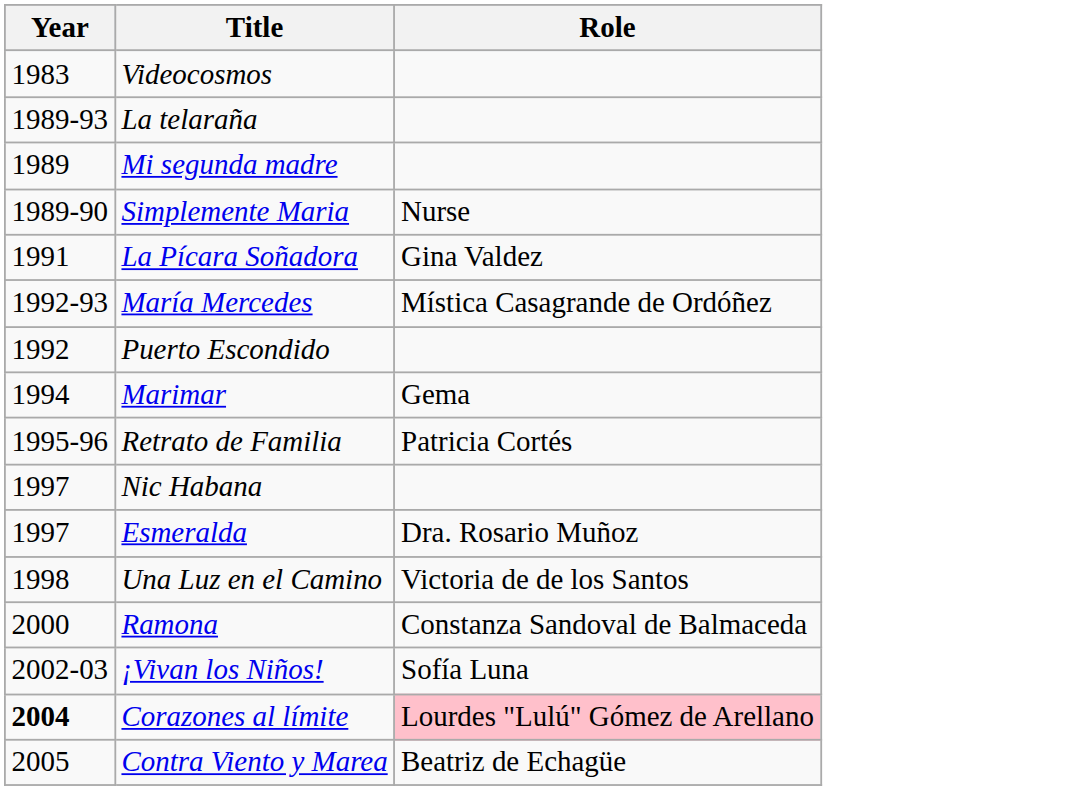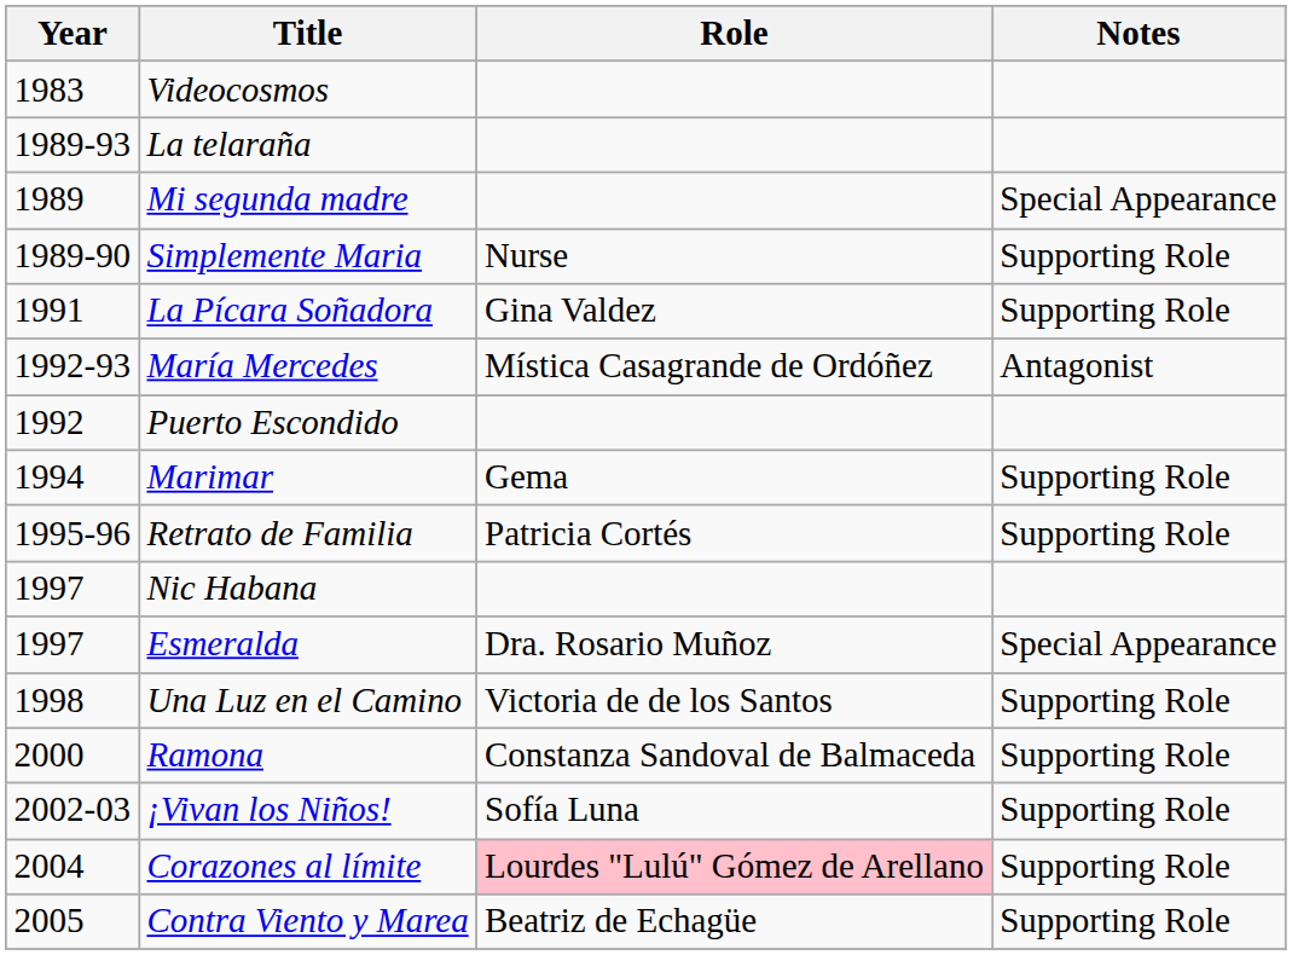 <table class="wikitable">
 <tr style="background:#b0c4de;">
 <th>Year</th>
 <th>Title</th>
 <th>Role</th>
+<th>Notes</th>
 </tr>
 <tr>
 <td>1983</td>
 <td><em>Videocosmos</em></td>
+<td></td>
 <td></td>
 </tr>
 <tr>
 <td>1989-93</td>
 <td><em>La telaraña</em></td>
 <td></td>
+<td></td>
 </tr>
 <tr>
 <td>1989</td>
 <td><em><a href='#'>Mi segunda madre</a></em></td>
 <td></td>
+<td>Special Appearance</td>
 </tr>
 <tr>
 <td>1989-90</td>
 <td><em><a href='#'>Simplemente Maria</a></em></td>
 <td>Nurse</td>
+<td>Supporting Role</td>
 </tr>
 <tr>
 <td>1991</td>
 <td><em><a href='#'>La Pícara Soñadora</a></em></td>
 <td>Gina Valdez</td>
+<td>Supporting Role</td>
 </tr>
 <tr>
 <td>1992-93</td>
 <td><em><a href='#'>María Mercedes</a></em></td>
 <td>Mística Casagrande de Ordóñez</td>
+<td>Antagonist</td>
 </tr>
 <tr>
 <td>1992</td>
 <td><em>Puerto Escondido</em></td>
+<td></td>
 <td></td>
 </tr>
 <tr>
 <td>1994</td>
 <td><em><a href='#'>Marimar</a></em></td>
 <td>Gema</td>
+<td>Supporting Role</td>
 </tr>
 <tr>
 <td>1995-96</td>
 <td><em>Retrato de Familia</em></td>
 <td>Patricia Cortés</td>
+<td>Supporting Role</td>
 </tr>
 <tr>
 <td>1997</td>
 <td><em>Nic Habana</em></td>
+<td></td>
 <td></td>
 </tr>
 <tr>
 <td>1997</td>
 <td><em><a href='#'>Esmeralda</a></em></td>
 <td>Dra. Rosario Muñoz</td>
+<td>Special Appearance</td>
 </tr>
 <tr>
 <td>1998</td>
 <td><em>Una Luz en el Camino</em></td>
 <td>Victoria de de los Santos</td>
+<td>Supporting Role</td>
 </tr>
 <tr>
 <td>2000</td>
 <td><em><a href='#'>Ramona</a></em></td>
 <td>Constanza Sandoval de Balmaceda</td>
+<td>Supporting Role</td>
 </tr>
 <tr>
 <td>2002-03</td>
 <td><em><a href='#'>¡Vivan los Niños!</a></em></td>
 <td>Sofía Luna</td>
+<td>Supporting Role</td>
 </tr>
 <tr>
-<td><strong>2004</strong></td>
+<td>2004</td>
 <td><em><a href='#'>Corazones al límite</a></em></td>
 <td style="background: pink;">Lourdes "Lulú" Gómez de Arellano</td>
+<td>Supporting Role</td>
 </tr>
 <tr>
 <td>2005</td>
 <td><em><a href='#'>Contra Viento y Marea</a></em></td>
 <td>Beatriz de Echagüe</td>
+<td>Supporting Role</td>
 </tr>
 </table>
